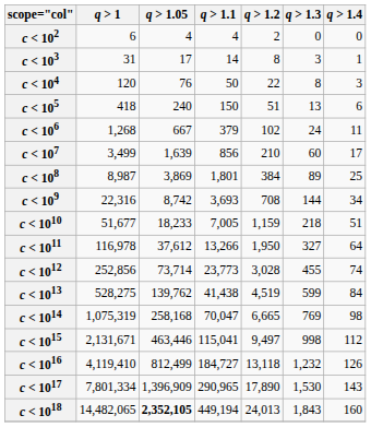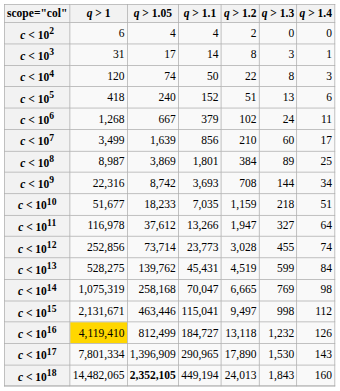 <table class="wikitable" style="text-align:right;">
 <tr>
 <th>scope="col" </th>
 <th scope="col"><em>q</em> > 1</th>
 <th scope="col"><em>q</em> > 1.05</th>
 <th scope="col"><em>q</em> > 1.1</th>
 <th scope="col"><em>q</em> > 1.2</th>
 <th scope="col"><em>q</em> > 1.3</th>
 <th scope="col"><em>q</em> > 1.4</th>
 </tr>
 <tr>
 <th scope="row"><em>c</em> < 10<sup>2</sup></th>
 <td>6</td>
 <td>4</td>
 <td>4</td>
 <td>2</td>
 <td>0</td>
 <td>0</td>
 </tr>
 <tr>
 <th scope="row"><em>c</em> < 10<sup>3</sup></th>
 <td>31</td>
 <td>17</td>
 <td>14</td>
 <td>8</td>
 <td>3</td>
 <td>1</td>
 </tr>
 <tr>
 <th scope="row"><em>c</em> < 10<sup>4</sup></th>
 <td>120</td>
-<td>76</td>
+<td>74</td>
 <td>50</td>
 <td>22</td>
 <td>8</td>
 <td>3</td>
 </tr>
 <tr>
 <th scope="row"><em>c</em> < 10<sup>5</sup></th>
 <td>418</td>
 <td>240</td>
-<td>150</td>
+<td>152</td>
 <td>51</td>
 <td>13</td>
 <td>6</td>
 </tr>
 <tr>
 <th scope="row"><em>c</em> < 10<sup>6</sup></th>
 <td>1,268</td>
 <td>667</td>
 <td>379</td>
 <td>102</td>
 <td>24</td>
 <td>11</td>
 </tr>
 <tr>
 <th scope="row"><em>c</em> < 10<sup>7</sup></th>
 <td>3,499</td>
 <td>1,639</td>
 <td>856</td>
 <td>210</td>
 <td>60</td>
 <td>17</td>
 </tr>
 <tr>
 <th scope="row"><em>c</em> < 10<sup>8</sup></th>
 <td>8,987</td>
 <td>3,869</td>
 <td>1,801</td>
 <td>384</td>
 <td>89</td>
 <td>25</td>
 </tr>
 <tr>
 <th scope="row"><em>c</em> < 10<sup>9</sup></th>
 <td>22,316</td>
 <td>8,742</td>
 <td>3,693</td>
 <td>708</td>
 <td>144</td>
 <td>34</td>
 </tr>
 <tr>
 <th scope="row"><em>c</em> < 10<sup>10</sup></th>
 <td>51,677</td>
 <td>18,233</td>
-<td>7,005</td>
+<td>7,035</td>
 <td>1,159</td>
 <td>218</td>
 <td>51</td>
 </tr>
 <tr>
 <th scope="row"><em>c</em> < 10<sup>11</sup></th>
 <td>116,978</td>
 <td>37,612</td>
 <td>13,266</td>
-<td>1,950</td>
+<td>1,947</td>
 <td>327</td>
 <td>64</td>
 </tr>
 <tr>
 <th scope="row"><em>c</em> < 10<sup>12</sup></th>
 <td>252,856</td>
 <td>73,714</td>
 <td>23,773</td>
 <td>3,028</td>
 <td>455</td>
 <td>74</td>
 </tr>
 <tr>
 <th scope="row"><em>c</em> < 10<sup>13</sup></th>
 <td>528,275</td>
 <td>139,762</td>
-<td>41,438</td>
+<td>45,431</td>
 <td>4,519</td>
 <td>599</td>
 <td>84</td>
 </tr>
 <tr>
 <th scope="row"><em>c</em> < 10<sup>14</sup></th>
 <td>1,075,319</td>
 <td>258,168</td>
 <td>70,047</td>
 <td>6,665</td>
 <td>769</td>
 <td>98</td>
 </tr>
 <tr>
 <th scope="row"><em>c</em> < 10<sup>15</sup></th>
 <td>2,131,671</td>
 <td>463,446</td>
 <td>115,041</td>
 <td>9,497</td>
 <td>998</td>
 <td>112</td>
 </tr>
 <tr>
 <th scope="row"><em>c</em> < 10<sup>16</sup></th>
-<td>4,119,410</td>
+<td style="background: gold;">4,119,410</td>
 <td>812,499</td>
 <td>184,727</td>
 <td>13,118</td>
 <td>1,232</td>
 <td>126</td>
 </tr>
 <tr>
 <th scope="row"><em>c</em> < 10<sup>17</sup></th>
 <td>7,801,334</td>
 <td>1,396,909</td>
 <td>290,965</td>
 <td>17,890</td>
 <td>1,530</td>
 <td>143</td>
 </tr>
 <tr>
 <th scope="row"><em>c</em> < 10<sup>18</sup></th>
 <td>14,482,065</td>
 <td><strong>2,352,105</strong></td>
 <td>449,194</td>
 <td>24,013</td>
 <td>1,843</td>
 <td>160</td>
 </tr>
 <tr>
 </tr>
 </table>
